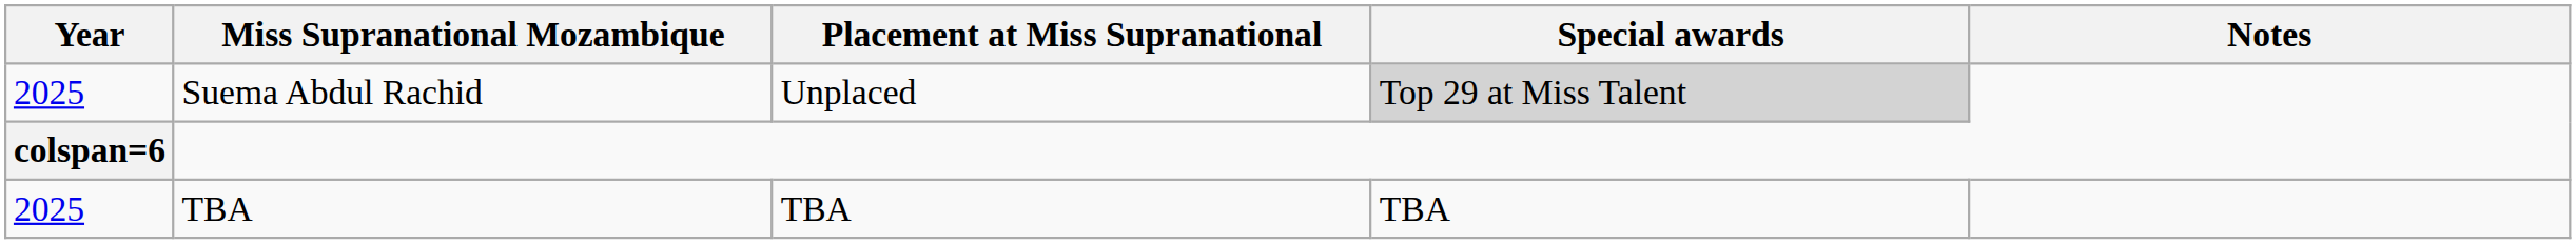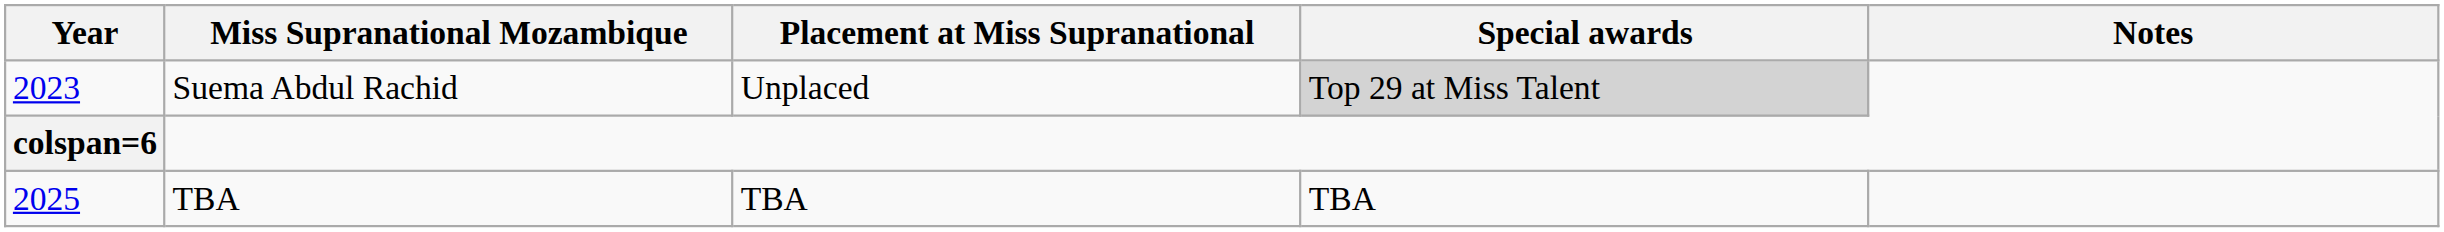 <table class="wikitable " style="font-size: 95%;">
 <tr>
 <th width="60">Year</th>
 <th width="250">Miss Supranational Mozambique</th>
 <th width="250">Placement at Miss Supranational</th>
 <th width="250">Special awards</th>
 <th width="250">Notes</th>
 </tr>
 <tr>
-<td><a href='#'>2025</a></td>
+<td><a href='#'>2023</a></td>
 <td>Suema Abdul Rachid</td>
 <td>Unplaced</td>
 <td style="background: lightgrey;">Top 29 at Miss Talent</td>
 </tr>
 <tr>
 <th>colspan=6 </th>
 </tr>
 <tr>
 <td><a href='#'>2025</a></td>
 <td>TBA</td>
 <td>TBA</td>
 <td>TBA</td>
 <td></td>
 </tr>
 </table>
